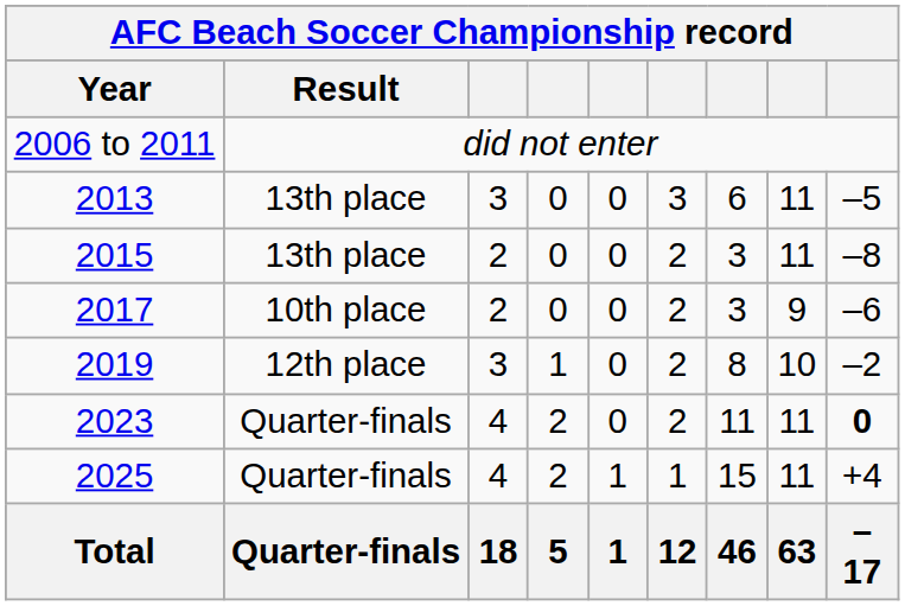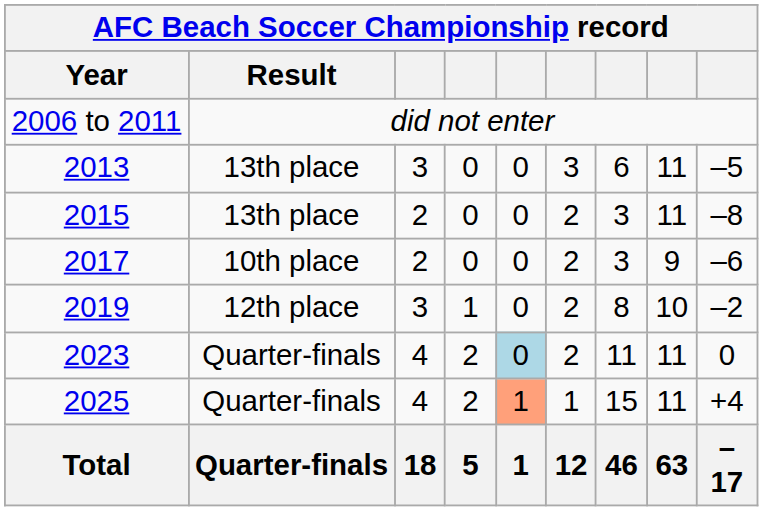 <table class="wikitable" style="text-align: center;">
 <tr>
 <th colspan=9><a href='#'>AFC Beach Soccer Championship</a> record</th>
 </tr>
 <tr>
 <th>Year</th>
 <th>Result</th>
 <th width=20></th>
 <th width=20></th>
 <th width=20></th>
 <th width=20></th>
 <th width=20></th>
 <th width=20></th>
 <th width=25></th>
 </tr>
 <tr>
 <td> <a href='#'>2006</a> to  <a href='#'>2011</a></td>
 <td colspan="8"><em>did not enter</em></td>
 </tr>
 <tr>
 <td> <a href='#'>2013</a></td>
 <td>13th place</td>
 <td>3</td>
 <td>0</td>
 <td>0</td>
 <td>3</td>
 <td>6</td>
 <td>11</td>
 <td>–5</td>
 </tr>
 <tr>
 <td> <a href='#'>2015</a></td>
 <td>13th place</td>
 <td>2</td>
 <td>0</td>
 <td>0</td>
 <td>2</td>
 <td>3</td>
 <td>11</td>
 <td>–8</td>
 </tr>
 <tr>
 <td> <a href='#'>2017</a></td>
 <td>10th place</td>
 <td>2</td>
 <td>0</td>
 <td>0</td>
 <td>2</td>
 <td>3</td>
 <td>9</td>
 <td>–6</td>
 </tr>
 <tr>
 <td> <a href='#'>2019</a></td>
 <td>12th place</td>
 <td>3</td>
 <td>1</td>
 <td>0</td>
 <td>2</td>
 <td>8</td>
 <td>10</td>
 <td>–2</td>
 </tr>
 <tr>
 <td> <a href='#'>2023</a></td>
 <td>Quarter-finals</td>
 <td>4</td>
 <td>2</td>
-<td>0</td>
+<td style="background: lightblue;">0</td>
 <td>2</td>
 <td>11</td>
 <td>11</td>
-<td><strong>0</strong></td>
+<td>0</td>
 </tr>
 <tr>
 <td> <a href='#'>2025</a></td>
 <td>Quarter-finals</td>
 <td>4</td>
 <td>2</td>
-<td>1</td>
+<td style="background: lightsalmon;">1</td>
 <td>1</td>
 <td>15</td>
 <td>11</td>
 <td>+4</td>
 </tr>
 <tr>
 <th>Total</th>
 <th>Quarter-finals</th>
 <th>18</th>
 <th>5</th>
 <th>1</th>
 <th>12</th>
 <th>46</th>
 <th>63</th>
 <th>–17</th>
 </tr>
 </table>
